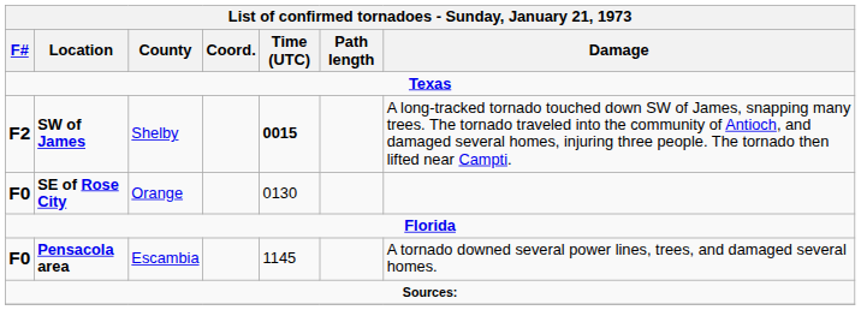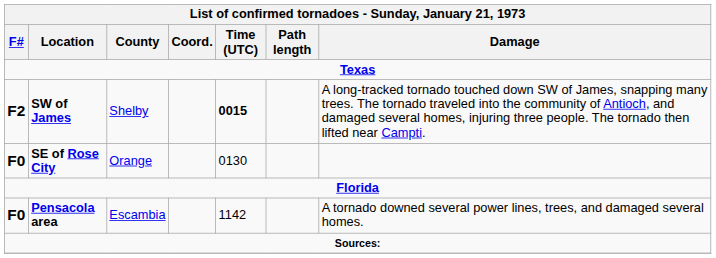 <table class="wikitable collapsible" width="100%">
 <tr>
 <th colspan="7">List of confirmed tornadoes - Sunday, January 21, 1973</th>
 </tr>
 <tr>
 <th><a href='#'>F#</a></th>
 <th>Location</th>
 <th>County</th>
 <th>Coord.</th>
 <th>Time (UTC)</th>
 <th>Path length</th>
 <th>Damage</th>
 </tr>
 <tr>
 <td colspan="7" align=center><strong><a href='#'>Texas</a></strong></td>
 </tr>
 <tr>
 <td><big><strong>F2</strong></big></td>
 <td><strong>SW of <a href='#'>James</a></strong></td>
 <td><a href='#'>Shelby</a></td>
 <td></td>
 <td><strong>0015</strong></td>
 <td></td>
 <td>A long-tracked tornado touched down SW of James, snapping many trees. The tornado traveled into the community of <a href='#'>Antioch</a>, and damaged several homes, injuring three people. The tornado then lifted near <a href='#'>Campti</a>.</td>
 </tr>
 <tr>
 <td><big><strong>F0</strong></big></td>
 <td><strong>SE of <a href='#'>Rose City</a></strong></td>
 <td><a href='#'>Orange</a></td>
 <td></td>
 <td>0130</td>
 <td></td>
 <td></td>
 </tr>
 <tr>
 <td colspan="7" align=center><strong><a href='#'>Florida</a></strong></td>
 </tr>
 <tr>
 <td><big><strong>F0</strong></big></td>
 <td><strong><a href='#'>Pensacola</a> area</strong></td>
 <td><a href='#'>Escambia</a></td>
 <td></td>
-<td>1145</td>
+<td>1142</td>
 <td></td>
 <td>A tornado downed several power lines, trees, and damaged several homes.</td>
 </tr>
 <tr>
 <td colspan="7" align=center><small><strong>Sources:</strong> </small></td>
 </tr>
 <tr>
 </tr>
 </table>
